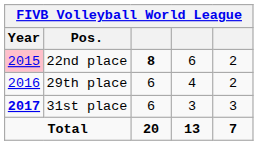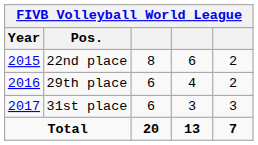 <table class="wikitable" style="text-align: center;font-size:90%;">
 <tr>
 <th colspan=5><a href='#'>FIVB Volleyball World League</a></th>
 </tr>
 <tr>
 <th>Year</th>
 <th>Pos.</th>
 <th width=30></th>
 <th width=30></th>
 <th width=30></th>
 </tr>
 <tr>
-<td style="background: pink;"> <a href='#'>2015</a></td>
+<td> <a href='#'>2015</a></td>
 <td>22nd place</td>
-<td><strong>8</strong></td>
+<td>8</td>
 <td>6</td>
 <td>2</td>
 </tr>
 <tr>
 <td> <a href='#'>2016</a></td>
 <td>29th place</td>
 <td>6</td>
 <td>4</td>
 <td>2</td>
 </tr>
 <tr>
-<td><strong> <a href='#'>2017</a></strong></td>
+<td> <a href='#'>2017</a></td>
 <td>31st place</td>
 <td>6</td>
 <td>3</td>
 <td>3</td>
 </tr>
 <tr>
 <td colspan=2><strong>Total</strong></td>
 <td><strong>20</strong></td>
 <td><strong>13</strong></td>
 <td><strong>7</strong></td>
 </tr>
 </table>
